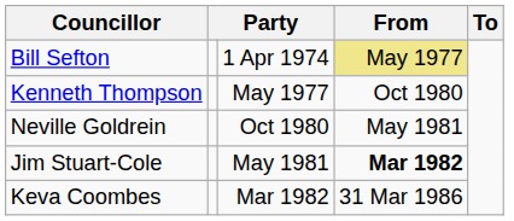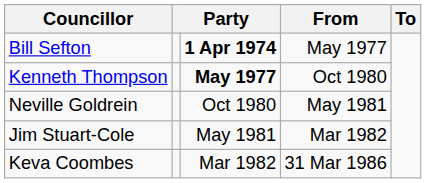 <table class=wikitable>
 <tr>
 <th>Councillor</th>
 <th colspan=2>Party</th>
 <th>From</th>
 <th>To</th>
 </tr>
 <tr>
 <td><a href='#'>Bill Sefton</a></td>
 <td></td>
-<td align=right>1 Apr 1974</td>
-<td align=right style="background: khaki;">May 1977</td>
+<td align=right><strong>1 Apr 1974</strong></td>
+<td align=right>May 1977</td>
 </tr>
 <tr>
 <td><a href='#'>Kenneth Thompson</a></td>
 <td></td>
-<td align=right>May 1977</td>
+<td align=right><strong>May 1977</strong></td>
 <td align=right>Oct 1980</td>
 </tr>
 <tr>
 <td>Neville Goldrein</td>
 <td></td>
 <td align=right>Oct 1980</td>
 <td align=right>May 1981</td>
 </tr>
 <tr>
 <td>Jim Stuart-Cole</td>
 <td></td>
 <td align=right>May 1981</td>
-<td align=right><strong>Mar 1982</strong></td>
+<td align=right>Mar 1982</td>
 </tr>
 <tr>
 <td>Keva Coombes</td>
 <td></td>
 <td align=right>Mar 1982</td>
 <td align=right>31 Mar 1986</td>
 </tr>
 </table>
